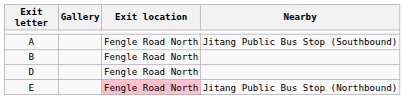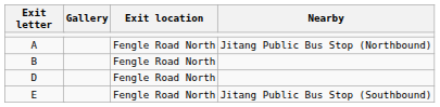 <table class="wikitable">
 <tr>
 <th colspan=2 style="width:70px">Exit letter</th>
 <th>Gallery</th>
 <th>Exit location</th>
 <th>Nearby</th>
 </tr>
 <tr style="background:#">
 <td colspan = "6"></td>
 </tr>
 <tr>
 <td colspan=2 align=center>A</td>
 <td></td>
 <td>Fengle Road North</td>
-<td>Jitang Public Bus Stop (Southbound)</td>
+<td>Jitang Public Bus Stop (Northbound)</td>
 </tr>
 <tr>
 <td colspan=2 align=center>B</td>
 <td></td>
 <td>Fengle Road North</td>
 <td></td>
 </tr>
 <tr>
 <td colspan=2 align=center>D</td>
 <td></td>
 <td>Fengle Road North</td>
 <td></td>
 </tr>
 <tr>
 <td colspan=2 align=center>E</td>
 <td></td>
-<td style="background: pink;">Fengle Road North</td>
-<td>Jitang Public Bus Stop (Northbound)</td>
+<td>Fengle Road North</td>
+<td>Jitang Public Bus Stop (Southbound)</td>
 </tr>
 </table>
